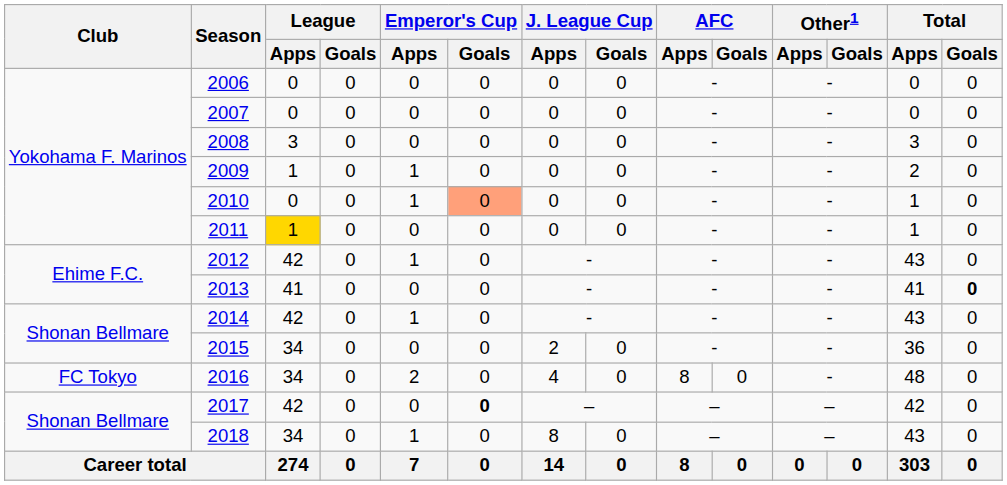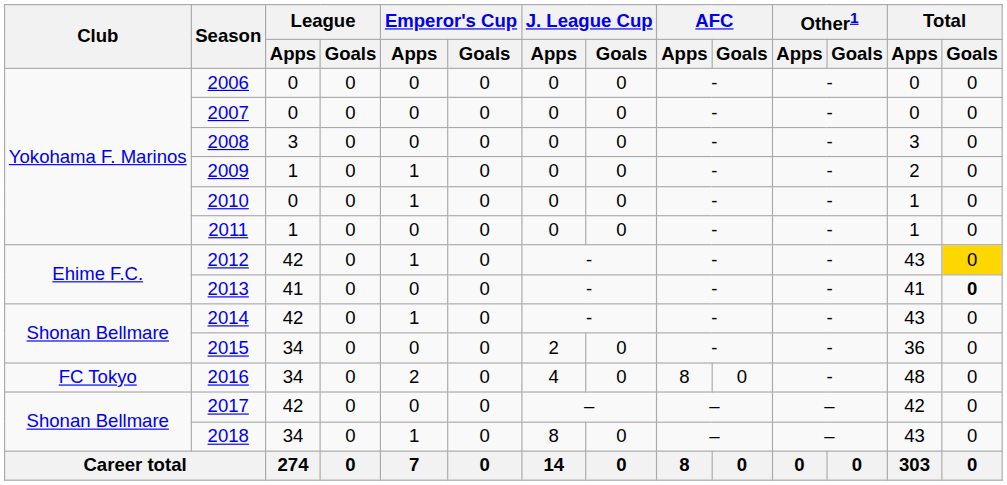 <table class="wikitable" style="text-align:center;">
 <tr>
 <th rowspan="2">Club</th>
 <th rowspan="2">Season</th>
 <th colspan="2">League</th>
 <th colspan="2"><a href='#'>Emperor's Cup</a></th>
 <th colspan="2"><a href='#'>J. League Cup</a></th>
 <th colspan="2"><a href='#'>AFC</a></th>
 <th colspan="2">Other<sup><a href='#'>1</a></sup></th>
 <th colspan="2">Total</th>
 </tr>
 <tr>
 <th>Apps</th>
 <th>Goals</th>
 <th>Apps</th>
 <th>Goals</th>
 <th>Apps</th>
 <th>Goals</th>
 <th>Apps</th>
 <th>Goals</th>
 <th>Apps</th>
 <th>Goals</th>
 <th>Apps</th>
 <th>Goals</th>
 </tr>
 <tr>
 <td rowspan="6"><a href='#'>Yokohama F. Marinos</a></td>
 <td><a href='#'>2006</a></td>
 <td>0</td>
 <td>0</td>
 <td>0</td>
 <td>0</td>
 <td>0</td>
 <td>0</td>
 <td colspan="2">-</td>
 <td colspan="2">-</td>
 <td>0</td>
 <td>0</td>
 </tr>
 <tr>
 <td><a href='#'>2007</a></td>
 <td>0</td>
 <td>0</td>
 <td>0</td>
 <td>0</td>
 <td>0</td>
 <td>0</td>
 <td colspan="2">-</td>
 <td colspan="2">-</td>
 <td>0</td>
 <td>0</td>
 </tr>
 <tr>
 <td><a href='#'>2008</a></td>
 <td>3</td>
 <td>0</td>
 <td>0</td>
 <td>0</td>
 <td>0</td>
 <td>0</td>
 <td colspan="2">-</td>
 <td colspan="2">-</td>
 <td>3</td>
 <td>0</td>
 </tr>
 <tr>
 <td><a href='#'>2009</a></td>
 <td>1</td>
 <td>0</td>
 <td>1</td>
 <td>0</td>
 <td>0</td>
 <td>0</td>
 <td colspan="2">-</td>
 <td colspan="2">-</td>
 <td>2</td>
 <td>0</td>
 </tr>
 <tr>
 <td><a href='#'>2010</a></td>
 <td>0</td>
 <td>0</td>
 <td>1</td>
-<td style="background: lightsalmon;">0</td>
+<td>0</td>
 <td>0</td>
 <td>0</td>
 <td colspan="2">-</td>
 <td colspan="2">-</td>
 <td>1</td>
 <td>0</td>
 </tr>
 <tr>
 <td><a href='#'>2011</a></td>
-<td style="background: gold;">1</td>
+<td>1</td>
 <td>0</td>
 <td>0</td>
 <td>0</td>
 <td>0</td>
 <td>0</td>
 <td colspan="2">-</td>
 <td colspan="2">-</td>
 <td>1</td>
 <td>0</td>
 </tr>
 <tr>
 <td rowspan="2"><a href='#'>Ehime F.C.</a></td>
 <td><a href='#'>2012</a></td>
 <td>42</td>
 <td>0</td>
 <td>1</td>
 <td>0</td>
 <td colspan="2">-</td>
 <td colspan="2">-</td>
 <td colspan="2">-</td>
 <td>43</td>
-<td>0</td>
+<td style="background: gold;">0</td>
 </tr>
 <tr>
 <td><a href='#'>2013</a></td>
 <td>41</td>
 <td>0</td>
 <td>0</td>
 <td>0</td>
 <td colspan="2">-</td>
 <td colspan="2">-</td>
 <td colspan="2">-</td>
 <td>41</td>
 <td><strong>0</strong></td>
 </tr>
 <tr>
 <td rowspan="2"><a href='#'>Shonan Bellmare</a></td>
 <td><a href='#'>2014</a></td>
 <td>42</td>
 <td>0</td>
 <td>1</td>
 <td>0</td>
 <td colspan="2">-</td>
 <td colspan="2">-</td>
 <td colspan="2">-</td>
 <td>43</td>
 <td>0</td>
 </tr>
 <tr>
 <td><a href='#'>2015</a></td>
 <td>34</td>
 <td>0</td>
 <td>0</td>
 <td>0</td>
 <td>2</td>
 <td>0</td>
 <td colspan="2">-</td>
 <td colspan="2">-</td>
 <td>36</td>
 <td>0</td>
 </tr>
 <tr>
 <td><a href='#'>FC Tokyo</a></td>
 <td><a href='#'>2016</a></td>
 <td>34</td>
 <td>0</td>
 <td>2</td>
 <td>0</td>
 <td>4</td>
 <td>0</td>
 <td>8</td>
 <td>0</td>
 <td colspan="2">-</td>
 <td>48</td>
 <td>0</td>
 </tr>
 <tr>
 <td rowspan="2"><a href='#'>Shonan Bellmare</a></td>
 <td><a href='#'>2017</a></td>
 <td>42</td>
 <td>0</td>
 <td>0</td>
-<td><strong>0</strong></td>
+<td>0</td>
 <td colspan="2">–</td>
 <td colspan="2">–</td>
 <td colspan="2">–</td>
 <td>42</td>
 <td>0</td>
 </tr>
 <tr>
 <td><a href='#'>2018</a></td>
 <td>34</td>
 <td>0</td>
 <td>1</td>
 <td>0</td>
 <td>8</td>
 <td>0</td>
 <td colspan="2">–</td>
 <td colspan="2">–</td>
 <td>43</td>
 <td>0</td>
 </tr>
 <tr>
 <th colspan="2">Career total</th>
 <th>274</th>
 <th>0</th>
 <th>7</th>
 <th>0</th>
 <th>14</th>
 <th>0</th>
 <th>8</th>
 <th>0</th>
 <th>0</th>
 <th>0</th>
 <th>303</th>
 <th>0</th>
 </tr>
 </table>
